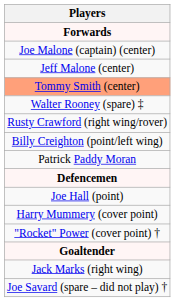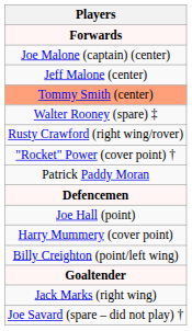 <table class="wikitable" style="text-align:center;">
 <tr>
 <th>Players</th>
 </tr>
 <tr style="font-weight:bold; background-color:#FFF5F5;">
 <td colspan="1" align="center"><strong>Forwards</strong></td>
 </tr>
 <tr>
 <td><a href='#'>Joe Malone</a> (captain) (center)</td>
 </tr>
 <tr>
 <td><a href='#'>Jeff Malone</a> (center)</td>
 </tr>
 <tr>
 <td style="background: lightsalmon;"><a href='#'>Tommy Smith</a> (center)</td>
 </tr>
 <tr>
 <td><a href='#'>Walter Rooney</a> (spare) ‡</td>
 </tr>
 <tr>
 <td><a href='#'>Rusty Crawford</a> (right wing/rover)</td>
 </tr>
 <tr>
-<td><a href='#'>Billy Creighton</a> (point/left wing)</td>
+<td><a href='#'>"Rocket" Power</a> (cover point) †</td>
 </tr>
 <tr>
 <td>Patrick <a href='#'>Paddy Moran</a></td>
 </tr>
 <tr style="font-weight:bold; background-color:#FFF5F5;">
 <td colspan="1" align="center"><strong>Defencemen</strong></td>
 </tr>
 <tr>
 <td><a href='#'>Joe Hall</a> (point)</td>
 </tr>
 <tr>
 <td><a href='#'>Harry Mummery</a> (cover point)</td>
 </tr>
 <tr>
-<td><a href='#'>"Rocket" Power</a> (cover point) †</td>
+<td><a href='#'>Billy Creighton</a> (point/left wing)</td>
 </tr>
 <tr style="font-weight:bold; background-color:#FFF5F5;">
 <td colspan="1" align="center"><strong>Goaltender</strong></td>
 </tr>
 <tr>
 <td><a href='#'>Jack Marks</a> (right wing)</td>
 </tr>
 <tr>
 <td><a href='#'>Joe Savard</a> (spare – did not play) †</td>
 </tr>
 </table>
